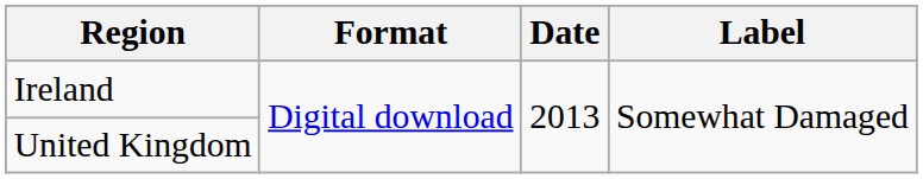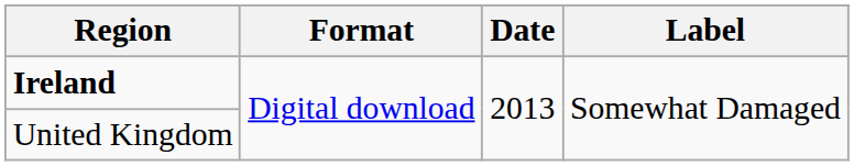 <table class="wikitable">
 <tr>
 <th>Region</th>
 <th>Format</th>
 <th>Date</th>
 <th>Label</th>
 </tr>
 <tr>
-<td>Ireland</td>
+<td><strong>Ireland</strong></td>
 <td rowspan="2"><a href='#'>Digital download</a></td>
 <td rowspan="2">2013</td>
 <td rowspan="2">Somewhat Damaged</td>
 </tr>
 <tr>
 <td>United Kingdom</td>
 </tr>
 </table>
